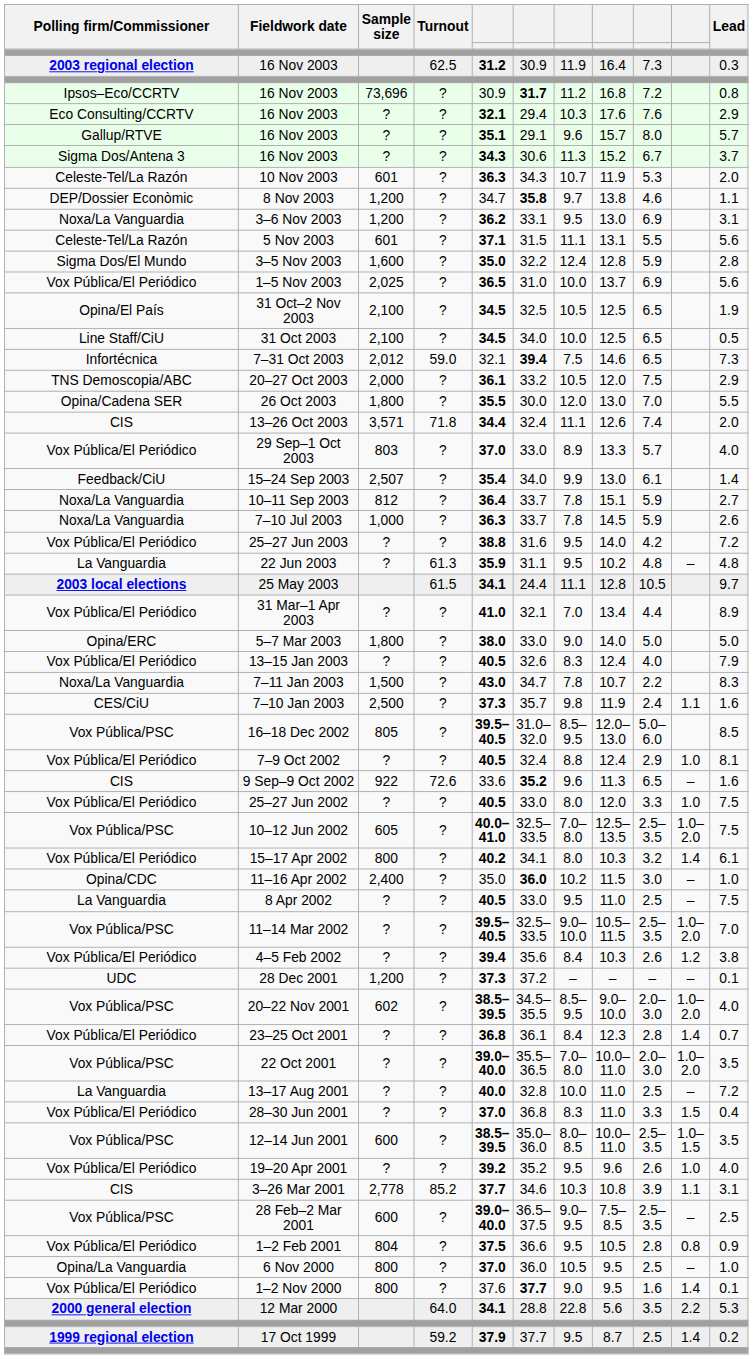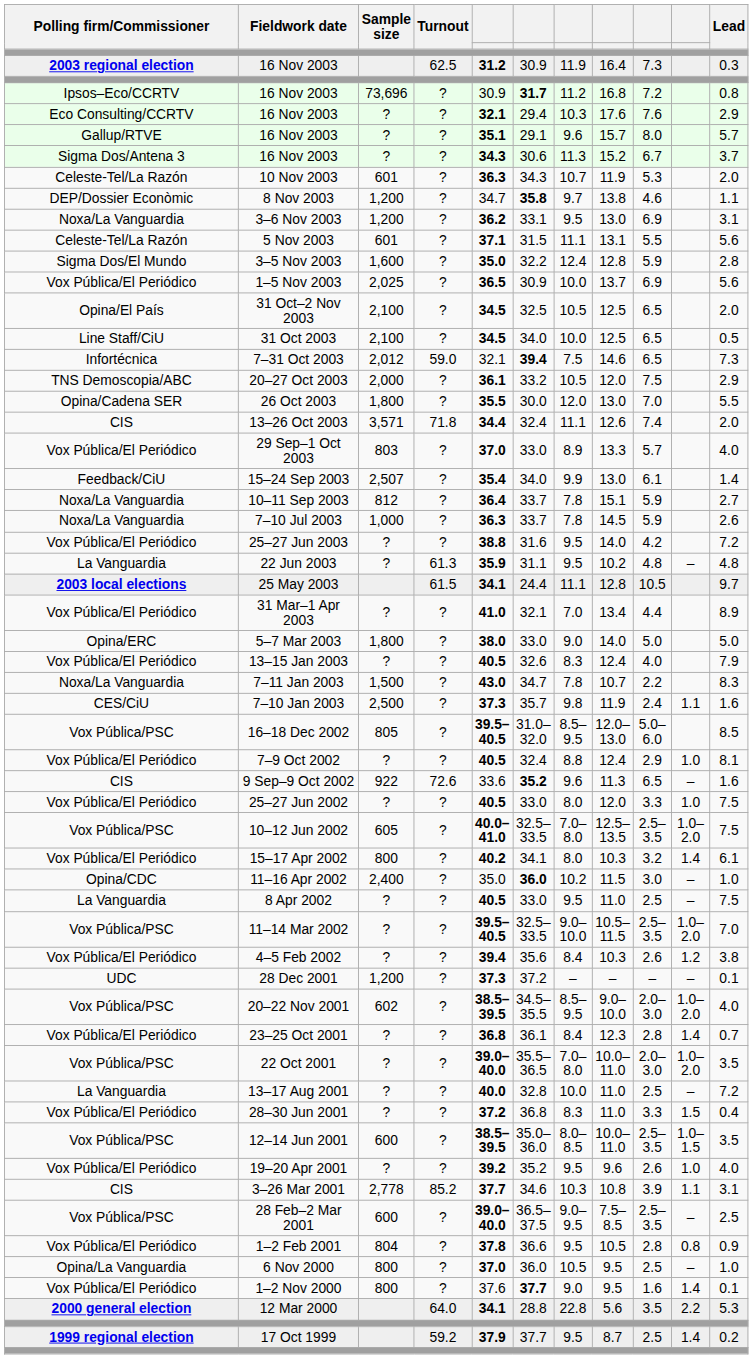 <table class="wikitable collapsible collapsed" style="text-align:center; font-size:95%; line-height:16px;">
 <tr style="height:42px;">
 <th style="width:250px;" rowspan="2">Polling firm/Commissioner</th>
 <th style="width:125px;" rowspan="2">Fieldwork date</th>
 <th style="width:50px;" rowspan="2">Sample size</th>
 <th style="width:45px;" rowspan="2">Turnout</th>
 <th style="width:35px;"></th>
 <th style="width:35px;"></th>
 <th style="width:35px;"></th>
 <th style="width:35px;"></th>
 <th style="width:35px;"></th>
 <th style="width:35px;"></th>
 <th style="width:30px;" rowspan="2">Lead</th>
 </tr>
 <tr>
 <th style="color:inherit;background:"></th>
 <th style="color:inherit;background:"></th>
 <th style="color:inherit;background:"></th>
 <th style="color:inherit;background:"></th>
 <th style="color:inherit;background:"></th>
 <th style="color:inherit;background:"></th>
 </tr>
 <tr>
 <td colspan="11" style="background:#A0A0A0"></td>
 </tr>
 <tr style="background:#EFEFEF;">
 <td><strong><a href='#'>2003 regional election</a></strong></td>
 <td>16 Nov 2003</td>
 <td></td>
 <td>62.5</td>
 <td><strong>31.2</strong><br></td>
 <td>30.9<br></td>
 <td>11.9<br></td>
 <td>16.4<br></td>
 <td>7.3<br></td>
 <td></td>
 <td style="background:">0.3</td>
 </tr>
 <tr>
 <td colspan="11" style="background:#A0A0A0"></td>
 </tr>
 <tr style="background:#EAFFEA;">
 <td>Ipsos–Eco/CCRTV</td>
 <td>16 Nov 2003</td>
 <td>73,696</td>
 <td>?</td>
 <td>30.9<br></td>
 <td><strong>31.7</strong><br></td>
 <td>11.2<br></td>
 <td>16.8<br></td>
 <td>7.2<br></td>
 <td></td>
 <td style="background:">0.8</td>
 </tr>
 <tr style="background:#EAFFEA;">
 <td>Eco Consulting/CCRTV</td>
 <td>16 Nov 2003</td>
 <td>?</td>
 <td>?</td>
 <td><strong>32.1</strong><br></td>
 <td>29.4<br></td>
 <td>10.3<br></td>
 <td>17.6<br></td>
 <td>7.6<br></td>
 <td></td>
 <td style="background:">2.9</td>
 </tr>
 <tr style="background:#EAFFEA;">
 <td>Gallup/RTVE</td>
 <td>16 Nov 2003</td>
 <td>?</td>
 <td>?</td>
 <td><strong>35.1</strong><br></td>
 <td>29.1<br></td>
 <td>9.6<br></td>
 <td>15.7<br></td>
 <td>8.0<br></td>
 <td></td>
 <td style="background:">5.7</td>
 </tr>
 <tr style="background:#EAFFEA;">
 <td>Sigma Dos/Antena 3</td>
 <td>16 Nov 2003</td>
 <td>?</td>
 <td>?</td>
 <td><strong>34.3</strong><br></td>
 <td>30.6<br></td>
 <td>11.3<br></td>
 <td>15.2<br></td>
 <td>6.7<br></td>
 <td></td>
 <td style="background:">3.7</td>
 </tr>
 <tr>
 <td>Celeste-Tel/La Razón</td>
 <td>10 Nov 2003</td>
 <td>601</td>
 <td>?</td>
 <td><strong>36.3</strong><br></td>
 <td>34.3<br></td>
 <td>10.7<br></td>
 <td>11.9<br></td>
 <td>5.3<br></td>
 <td></td>
 <td style="background:">2.0</td>
 </tr>
 <tr>
 <td>DEP/Dossier Econòmic</td>
 <td>8 Nov 2003</td>
 <td>1,200</td>
 <td>?</td>
 <td>34.7<br></td>
 <td><strong>35.8</strong><br></td>
 <td>9.7<br></td>
 <td>13.8<br></td>
 <td>4.6<br></td>
 <td></td>
 <td style="background:">1.1</td>
 </tr>
 <tr>
 <td>Noxa/La Vanguardia</td>
 <td>3–6 Nov 2003</td>
 <td>1,200</td>
 <td>?</td>
 <td><strong>36.2</strong><br></td>
 <td>33.1<br></td>
 <td>9.5<br></td>
 <td>13.0<br></td>
 <td>6.9<br></td>
 <td></td>
 <td style="background:">3.1</td>
 </tr>
 <tr>
 <td>Celeste-Tel/La Razón</td>
 <td>5 Nov 2003</td>
 <td>601</td>
 <td>?</td>
 <td><strong>37.1</strong><br></td>
 <td>31.5<br></td>
 <td>11.1<br></td>
 <td>13.1<br></td>
 <td>5.5<br></td>
 <td></td>
 <td style="background:">5.6</td>
 </tr>
 <tr>
 <td>Sigma Dos/El Mundo</td>
 <td>3–5 Nov 2003</td>
 <td>1,600</td>
 <td>?</td>
 <td><strong>35.0</strong><br></td>
 <td>32.2<br></td>
 <td>12.4<br></td>
 <td>12.8<br></td>
 <td>5.9<br></td>
 <td></td>
 <td style="background:">2.8</td>
 </tr>
 <tr>
 <td>Vox Pública/El Periódico</td>
 <td>1–5 Nov 2003</td>
 <td>2,025</td>
 <td>?</td>
 <td><strong>36.5</strong><br></td>
-<td>31.0<br></td>
+<td>30.9<br></td>
 <td>10.0<br></td>
 <td>13.7<br></td>
 <td>6.9<br></td>
 <td></td>
 <td style="background:">5.6</td>
 </tr>
 <tr>
 <td>Opina/El País</td>
 <td>31 Oct–2 Nov 2003</td>
 <td>2,100</td>
 <td>?</td>
 <td><strong>34.5</strong><br></td>
 <td>32.5<br></td>
 <td>10.5<br></td>
 <td>12.5<br></td>
 <td>6.5<br></td>
 <td></td>
-<td style="background:">1.9</td>
+<td style="background:">2.0</td>
 </tr>
 <tr>
 <td>Line Staff/CiU</td>
 <td>31 Oct 2003</td>
 <td>2,100</td>
 <td>?</td>
 <td><strong>34.5</strong><br></td>
 <td>34.0<br></td>
 <td>10.0<br></td>
 <td>12.5<br></td>
 <td>6.5<br></td>
 <td></td>
 <td style="background:">0.5</td>
 </tr>
 <tr>
 <td>Infortécnica</td>
 <td>7–31 Oct 2003</td>
 <td>2,012</td>
 <td>59.0</td>
 <td>32.1<br></td>
 <td><strong>39.4</strong><br></td>
 <td>7.5<br></td>
 <td>14.6<br></td>
 <td>6.5<br></td>
 <td></td>
 <td style="background:">7.3</td>
 </tr>
 <tr>
 <td>TNS Demoscopia/ABC</td>
 <td>20–27 Oct 2003</td>
 <td>2,000</td>
 <td>?</td>
 <td><strong>36.1</strong><br></td>
 <td>33.2<br></td>
 <td>10.5<br></td>
 <td>12.0<br></td>
 <td>7.5<br></td>
 <td></td>
 <td style="background:">2.9</td>
 </tr>
 <tr>
 <td>Opina/Cadena SER</td>
 <td>26 Oct 2003</td>
 <td>1,800</td>
 <td>?</td>
 <td><strong>35.5</strong><br></td>
 <td>30.0<br></td>
 <td>12.0<br></td>
 <td>13.0<br></td>
 <td>7.0<br></td>
 <td></td>
 <td style="background:">5.5</td>
 </tr>
 <tr>
 <td>CIS</td>
 <td>13–26 Oct 2003</td>
 <td>3,571</td>
 <td>71.8</td>
 <td><strong>34.4</strong><br></td>
 <td>32.4<br></td>
 <td>11.1<br></td>
 <td>12.6<br></td>
 <td>7.4<br></td>
 <td></td>
 <td style="background:">2.0</td>
 </tr>
 <tr>
 <td>Vox Pública/El Periódico</td>
 <td>29 Sep–1 Oct 2003</td>
 <td>803</td>
 <td>?</td>
 <td><strong>37.0</strong><br></td>
 <td>33.0<br></td>
 <td>8.9<br></td>
 <td>13.3<br></td>
 <td>5.7<br></td>
 <td></td>
 <td style="background:">4.0</td>
 </tr>
 <tr>
 <td>Feedback/CiU</td>
 <td>15–24 Sep 2003</td>
 <td>2,507</td>
 <td>?</td>
 <td><strong>35.4</strong><br></td>
 <td>34.0<br></td>
 <td>9.9<br></td>
 <td>13.0<br></td>
 <td>6.1<br></td>
 <td></td>
 <td style="background:">1.4</td>
 </tr>
 <tr>
 <td>Noxa/La Vanguardia</td>
 <td>10–11 Sep 2003</td>
 <td>812</td>
 <td>?</td>
 <td><strong>36.4</strong><br></td>
 <td>33.7<br></td>
 <td>7.8<br></td>
 <td>15.1<br></td>
 <td>5.9<br></td>
 <td></td>
 <td style="background:">2.7</td>
 </tr>
 <tr>
 <td>Noxa/La Vanguardia</td>
 <td>7–10 Jul 2003</td>
 <td>1,000</td>
 <td>?</td>
 <td><strong>36.3</strong><br></td>
 <td>33.7<br></td>
 <td>7.8<br></td>
 <td>14.5<br></td>
 <td>5.9<br></td>
 <td></td>
 <td style="background:">2.6</td>
 </tr>
 <tr>
 <td>Vox Pública/El Periódico</td>
 <td>25–27 Jun 2003</td>
 <td>?</td>
 <td>?</td>
 <td><strong>38.8</strong><br></td>
 <td>31.6<br></td>
 <td>9.5<br></td>
 <td>14.0<br></td>
 <td>4.2<br></td>
 <td></td>
 <td style="background:">7.2</td>
 </tr>
 <tr>
 <td>La Vanguardia</td>
 <td>22 Jun 2003</td>
 <td>?</td>
 <td>61.3</td>
 <td><strong>35.9</strong><br></td>
 <td>31.1<br></td>
 <td>9.5<br></td>
 <td>10.2<br></td>
 <td>4.8<br></td>
 <td>–</td>
 <td style="background:">4.8</td>
 </tr>
 <tr style="background:#EFEFEF;">
 <td><strong><a href='#'>2003 local elections</a></strong></td>
 <td>25 May 2003</td>
 <td></td>
 <td>61.5</td>
 <td><strong>34.1</strong></td>
 <td>24.4</td>
 <td>11.1</td>
 <td>12.8</td>
 <td>10.5</td>
 <td></td>
 <td style="background:">9.7</td>
 </tr>
 <tr>
 <td>Vox Pública/El Periódico</td>
 <td>31 Mar–1 Apr 2003</td>
 <td>?</td>
 <td>?</td>
 <td><strong>41.0</strong><br></td>
 <td>32.1<br></td>
 <td>7.0<br></td>
 <td>13.4<br></td>
 <td>4.4<br></td>
 <td></td>
 <td style="background:">8.9</td>
 </tr>
 <tr>
 <td>Opina/ERC</td>
 <td>5–7 Mar 2003</td>
 <td>1,800</td>
 <td>?</td>
 <td><strong>38.0</strong><br></td>
 <td>33.0<br></td>
 <td>9.0<br></td>
 <td>14.0<br></td>
 <td>5.0<br></td>
 <td></td>
 <td style="background:">5.0</td>
 </tr>
 <tr>
 <td>Vox Pública/El Periódico</td>
 <td>13–15 Jan 2003</td>
 <td>?</td>
 <td>?</td>
 <td><strong>40.5</strong><br></td>
 <td>32.6<br></td>
 <td>8.3<br></td>
 <td>12.4<br></td>
 <td>4.0<br></td>
 <td></td>
 <td style="background:">7.9</td>
 </tr>
 <tr>
 <td>Noxa/La Vanguardia</td>
 <td>7–11 Jan 2003</td>
 <td>1,500</td>
 <td>?</td>
 <td><strong>43.0</strong><br></td>
 <td>34.7<br></td>
 <td>7.8<br></td>
 <td>10.7<br></td>
 <td>2.2<br></td>
 <td></td>
 <td style="background:">8.3</td>
 </tr>
 <tr>
 <td>CES/CiU</td>
 <td>7–10 Jan 2003</td>
 <td>2,500</td>
 <td>?</td>
 <td><strong>37.3</strong><br></td>
 <td>35.7<br></td>
 <td>9.8<br></td>
 <td>11.9<br></td>
 <td>2.4<br></td>
 <td>1.1<br></td>
 <td style="background:">1.6</td>
 </tr>
 <tr>
 <td>Vox Pública/PSC</td>
 <td>16–18 Dec 2002</td>
 <td>805</td>
 <td>?</td>
 <td><strong>39.5–<br>40.5</strong></td>
 <td>31.0–<br>32.0</td>
 <td>8.5–<br>9.5</td>
 <td>12.0–<br>13.0</td>
 <td>5.0–<br>6.0</td>
 <td></td>
 <td style="background:">8.5</td>
 </tr>
 <tr>
 <td>Vox Pública/El Periódico</td>
 <td>7–9 Oct 2002</td>
 <td>?</td>
 <td>?</td>
 <td><strong>40.5</strong><br></td>
 <td>32.4<br></td>
 <td>8.8<br></td>
 <td>12.4<br></td>
 <td>2.9<br></td>
 <td>1.0<br></td>
 <td style="background:">8.1</td>
 </tr>
 <tr>
 <td>CIS</td>
 <td>9 Sep–9 Oct 2002</td>
 <td>922</td>
 <td>72.6</td>
 <td>33.6</td>
 <td><strong>35.2</strong></td>
 <td>9.6</td>
 <td>11.3</td>
 <td>6.5</td>
 <td>–</td>
 <td style="background:">1.6</td>
 </tr>
 <tr>
 <td>Vox Pública/El Periódico</td>
 <td>25–27 Jun 2002</td>
 <td>?</td>
 <td>?</td>
 <td><strong>40.5</strong></td>
 <td>33.0</td>
 <td>8.0</td>
 <td>12.0</td>
 <td>3.3</td>
 <td>1.0</td>
 <td style="background:">7.5</td>
 </tr>
 <tr>
 <td>Vox Pública/PSC</td>
 <td>10–12 Jun 2002</td>
 <td>605</td>
 <td>?</td>
 <td><strong>40.0–<br>41.0</strong></td>
 <td>32.5–<br>33.5</td>
 <td>7.0–<br>8.0</td>
 <td>12.5–<br>13.5</td>
 <td>2.5–<br>3.5</td>
 <td>1.0–<br>2.0</td>
 <td style="background:">7.5</td>
 </tr>
 <tr>
 <td>Vox Pública/El Periódico</td>
 <td>15–17 Apr 2002</td>
 <td>800</td>
 <td>?</td>
 <td><strong>40.2</strong></td>
 <td>34.1</td>
 <td>8.0</td>
 <td>10.3</td>
 <td>3.2</td>
 <td>1.4</td>
 <td style="background:">6.1</td>
 </tr>
 <tr>
 <td>Opina/CDC</td>
 <td>11–16 Apr 2002</td>
 <td>2,400</td>
 <td>?</td>
 <td>35.0</td>
 <td><strong>36.0</strong></td>
 <td>10.2</td>
 <td>11.5</td>
 <td>3.0</td>
 <td>–</td>
 <td style="background:">1.0</td>
 </tr>
 <tr>
 <td>La Vanguardia</td>
 <td>8 Apr 2002</td>
 <td>?</td>
 <td>?</td>
 <td><strong>40.5</strong><br></td>
 <td>33.0<br></td>
 <td>9.5<br></td>
 <td>11.0<br></td>
 <td>2.5<br></td>
 <td>–</td>
 <td style="background:">7.5</td>
 </tr>
 <tr>
 <td>Vox Pública/PSC</td>
 <td>11–14 Mar 2002</td>
 <td>?</td>
 <td>?</td>
 <td><strong>39.5–<br>40.5</strong></td>
 <td>32.5–<br>33.5</td>
 <td>9.0–<br>10.0</td>
 <td>10.5–<br>11.5</td>
 <td>2.5–<br>3.5</td>
 <td>1.0–<br>2.0</td>
 <td style="background:">7.0</td>
 </tr>
 <tr>
 <td>Vox Pública/El Periódico</td>
 <td>4–5 Feb 2002</td>
 <td>?</td>
 <td>?</td>
 <td><strong>39.4</strong></td>
 <td>35.6</td>
 <td>8.4</td>
 <td>10.3</td>
 <td>2.6</td>
 <td>1.2</td>
 <td style="background:">3.8</td>
 </tr>
 <tr>
 <td>UDC</td>
 <td>28 Dec 2001</td>
 <td>1,200</td>
 <td>?</td>
 <td><strong>37.3</strong></td>
 <td>37.2</td>
 <td>–</td>
 <td>–</td>
 <td>–</td>
 <td>–</td>
 <td style="background:">0.1</td>
 </tr>
 <tr>
 <td>Vox Pública/PSC</td>
 <td>20–22 Nov 2001</td>
 <td>602</td>
 <td>?</td>
 <td><strong>38.5–<br>39.5</strong></td>
 <td>34.5–<br>35.5</td>
 <td>8.5–<br>9.5</td>
 <td>9.0–<br>10.0</td>
 <td>2.0–<br>3.0</td>
 <td>1.0–<br>2.0</td>
 <td style="background:">4.0</td>
 </tr>
 <tr>
 <td>Vox Pública/El Periódico</td>
 <td>23–25 Oct 2001</td>
 <td>?</td>
 <td>?</td>
 <td><strong>36.8</strong></td>
 <td>36.1</td>
 <td>8.4</td>
 <td>12.3</td>
 <td>2.8</td>
 <td>1.4</td>
 <td style="background:">0.7</td>
 </tr>
 <tr>
 <td>Vox Pública/PSC</td>
 <td>22 Oct 2001</td>
 <td>?</td>
 <td>?</td>
 <td><strong>39.0–<br>40.0</strong></td>
 <td>35.5–<br>36.5</td>
 <td>7.0–<br>8.0</td>
 <td>10.0–<br>11.0</td>
 <td>2.0–<br>3.0</td>
 <td>1.0–<br>2.0</td>
 <td style="background:">3.5</td>
 </tr>
 <tr>
 <td>La Vanguardia</td>
 <td>13–17 Aug 2001</td>
 <td>?</td>
 <td>?</td>
 <td><strong>40.0</strong><br></td>
 <td>32.8<br></td>
 <td>10.0<br></td>
 <td>11.0<br></td>
 <td>2.5<br></td>
 <td>–</td>
 <td style="background:">7.2</td>
 </tr>
 <tr>
 <td>Vox Pública/El Periódico</td>
 <td>28–30 Jun 2001</td>
 <td>?</td>
 <td>?</td>
-<td><strong>37.0</strong></td>
+<td><strong>37.2</strong></td>
 <td>36.8</td>
 <td>8.3</td>
 <td>11.0</td>
 <td>3.3</td>
 <td>1.5</td>
 <td style="background:">0.4</td>
 </tr>
 <tr>
 <td>Vox Pública/PSC</td>
 <td>12–14 Jun 2001</td>
 <td>600</td>
 <td>?</td>
 <td><strong>38.5–<br>39.5</strong></td>
 <td>35.0–<br>36.0</td>
 <td>8.0–<br>8.5</td>
 <td>10.0–<br>11.0</td>
 <td>2.5–<br>3.5</td>
 <td>1.0–<br>1.5</td>
 <td style="background:">3.5</td>
 </tr>
 <tr>
 <td>Vox Pública/El Periódico</td>
 <td>19–20 Apr 2001</td>
 <td>?</td>
 <td>?</td>
 <td><strong>39.2</strong></td>
 <td>35.2</td>
 <td>9.5</td>
 <td>9.6</td>
 <td>2.6</td>
 <td>1.0</td>
 <td style="background:">4.0</td>
 </tr>
 <tr>
 <td>CIS</td>
 <td>3–26 Mar 2001</td>
 <td>2,778</td>
 <td>85.2</td>
 <td><strong>37.7</strong><br></td>
 <td>34.6<br></td>
 <td>10.3<br></td>
 <td>10.8<br></td>
 <td>3.9<br></td>
 <td>1.1<br></td>
 <td style="background:">3.1</td>
 </tr>
 <tr>
 <td>Vox Pública/PSC</td>
 <td>28 Feb–2 Mar 2001</td>
 <td>600</td>
 <td>?</td>
 <td><strong>39.0–<br>40.0</strong></td>
 <td>36.5–<br>37.5</td>
 <td>9.0–<br>9.5</td>
 <td>7.5–<br>8.5</td>
 <td>2.5–<br>3.5</td>
 <td>–</td>
 <td style="background:">2.5</td>
 </tr>
 <tr>
 <td>Vox Pública/El Periódico</td>
 <td>1–2 Feb 2001</td>
 <td>804</td>
 <td>?</td>
-<td><strong>37.5</strong></td>
+<td><strong>37.8</strong></td>
 <td>36.6</td>
 <td>9.5</td>
 <td>10.5</td>
 <td>2.8</td>
 <td>0.8</td>
 <td style="background:">0.9</td>
 </tr>
 <tr>
 <td>Opina/La Vanguardia</td>
 <td>6 Nov 2000</td>
 <td>800</td>
 <td>?</td>
 <td><strong>37.0</strong><br></td>
 <td>36.0<br></td>
 <td>10.5<br></td>
 <td>9.5<br></td>
 <td>2.5<br></td>
 <td>–</td>
 <td style="background:">1.0</td>
 </tr>
 <tr>
 <td>Vox Pública/El Periódico</td>
 <td>1–2 Nov 2000</td>
 <td>800</td>
 <td>?</td>
 <td>37.6</td>
 <td><strong>37.7</strong></td>
 <td>9.0</td>
 <td>9.5</td>
 <td>1.6</td>
 <td>1.4</td>
 <td style="background:">0.1</td>
 </tr>
 <tr style="background:#EFEFEF;">
 <td><strong><a href='#'>2000 general election</a></strong></td>
 <td>12 Mar 2000</td>
 <td></td>
 <td>64.0</td>
 <td><strong>34.1</strong><br></td>
 <td>28.8<br></td>
 <td>22.8<br></td>
 <td>5.6<br></td>
 <td>3.5<br></td>
 <td>2.2<br></td>
 <td style="background:">5.3</td>
 </tr>
 <tr>
 <td colspan="11" style="background:#A0A0A0"></td>
 </tr>
 <tr style="background:#EFEFEF;">
 <td><strong><a href='#'>1999 regional election</a></strong></td>
 <td>17 Oct 1999</td>
 <td></td>
 <td>59.2</td>
 <td><strong>37.9</strong><br></td>
 <td>37.7<br></td>
 <td>9.5<br></td>
 <td>8.7<br></td>
 <td>2.5<br></td>
 <td>1.4<br></td>
 <td style="background:">0.2</td>
 </tr>
 <tr>
 <td colspan="11" style="background:#A0A0A0"></td>
 </tr>
 </table>
